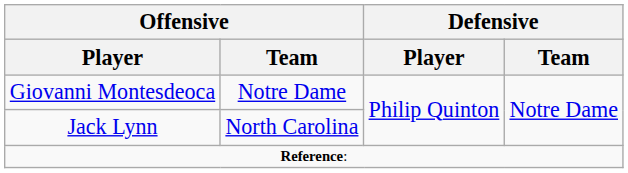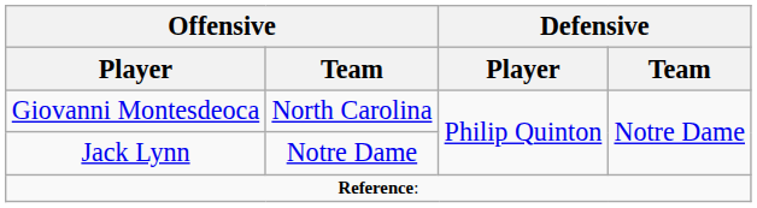 <table class="wikitable" style="text-align: center;">
 <tr>
 <th colspan="2">Offensive</th>
 <th colspan="2">Defensive</th>
 </tr>
 <tr>
 <th>Player</th>
 <th>Team</th>
 <th>Player</th>
 <th>Team</th>
 </tr>
 <tr>
 <td><a href='#'>Giovanni Montesdeoca</a></td>
-<td><a href='#'>Notre Dame</a></td>
+<td><a href='#'>North Carolina</a></td>
 <td rowspan=2><a href='#'>Philip Quinton</a></td>
 <td rowspan=2><a href='#'>Notre Dame</a></td>
 </tr>
 <tr>
 <td><a href='#'>Jack Lynn</a></td>
-<td><a href='#'>North Carolina</a></td>
+<td><a href='#'>Notre Dame</a></td>
 </tr>
 <tr>
 <td colspan="4"  style="font-size:8pt; text-align:center;"><strong>Reference</strong>:</td>
 </tr>
 </table>
